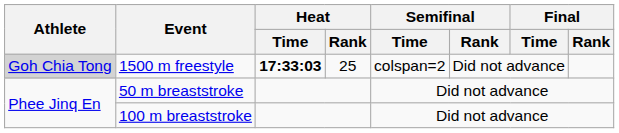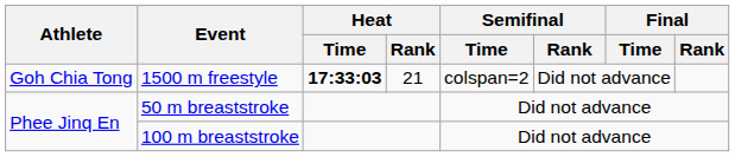 <table class="wikitable" style="font-size:90%;">
 <tr>
 <th rowspan="2">Athlete</th>
 <th rowspan="2">Event</th>
 <th colspan="2">Heat</th>
 <th colspan="2">Semifinal</th>
 <th colspan="2">Final</th>
 </tr>
 <tr>
 <th>Time</th>
 <th>Rank</th>
 <th>Time</th>
 <th>Rank</th>
 <th>Time</th>
 <th>Rank</th>
 </tr>
 <tr align="center">
-<td align="left" style="background: lightgrey;"><a href='#'>Goh Chia Tong</a></td>
+<td align="left"><a href='#'>Goh Chia Tong</a></td>
 <td align="left"><a href='#'>1500 m freestyle</a></td>
 <td><strong>17:33:03</strong></td>
-<td>25</td>
+<td>21</td>
 <td>colspan=2 </td>
 <td colspan=2>Did not advance</td>
 </tr>
 <tr align="center">
 <td rowspan="2" align="left"><a href='#'>Phee Jinq En</a></td>
 <td align="left"><a href='#'>50 m breaststroke</a></td>
 <td colspan=2></td>
 <td colspan=4>Did not advance</td>
 </tr>
 <tr align="center">
 <td align="left"><a href='#'>100 m breaststroke</a></td>
 <td colspan=2></td>
 <td colspan=4>Did not advance</td>
 </tr>
 </table>
